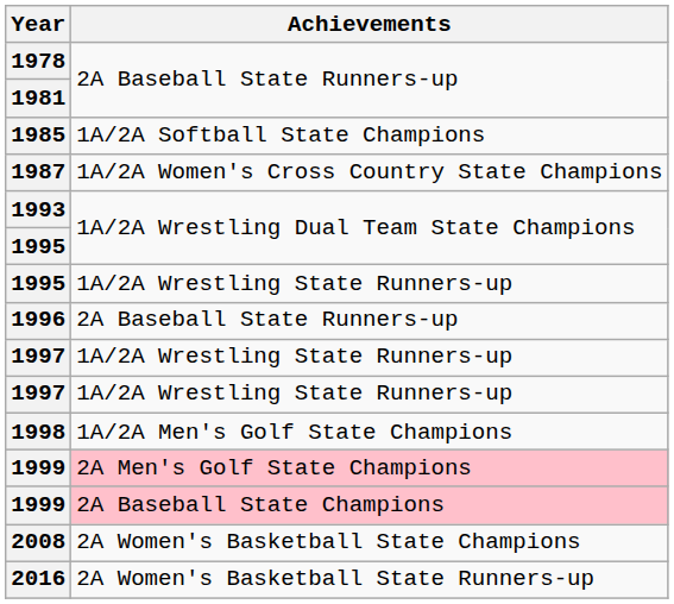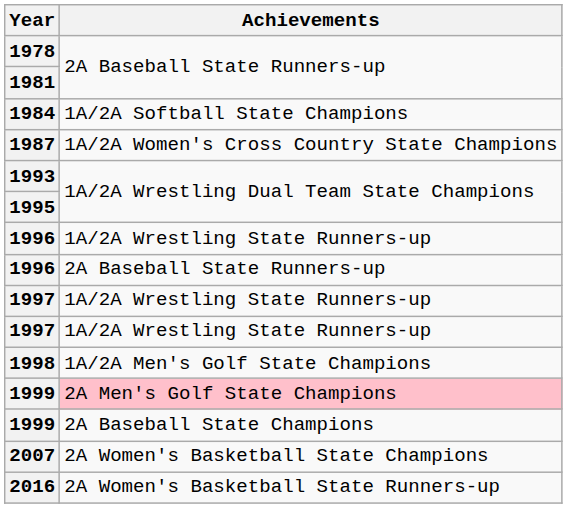 <table class=wikitable>
 <tr>
 <th>Year</th>
 <th>Achievements</th>
 </tr>
 <tr>
 <th>1978</th>
 <td rowspan="2">2A Baseball State Runners-up</td>
 </tr>
 <tr>
 <th>1981</th>
 </tr>
 <tr>
-<th><strong>1985</strong></th>
+<th><strong>1984</strong></th>
 <td>1A/2A Softball State Champions</td>
 </tr>
 <tr>
 <th><strong>1987</strong></th>
 <td>1A/2A Women's Cross Country State Champions</td>
 </tr>
 <tr>
 <th><strong>1993</strong></th>
 <td rowspan=2>1A/2A Wrestling Dual Team State Champions</td>
 </tr>
 <tr>
 <th><strong>1995</strong></th>
 </tr>
 <tr>
-<th>1995</th>
+<th>1996</th>
 <td>1A/2A Wrestling State Runners-up</td>
 </tr>
 <tr>
 <th>1996</th>
 <td>2A Baseball State Runners-up</td>
 </tr>
 <tr>
 <th>1997</th>
 <td>1A/2A Wrestling State Runners-up</td>
 </tr>
 <tr>
 <th><strong>1997</strong></th>
 <td>1A/2A Wrestling State Runners-up</td>
 </tr>
 <tr>
 <th>1998</th>
 <td>1A/2A Men's Golf State Champions</td>
 </tr>
 <tr>
 <th><strong>1999</strong></th>
 <td style="background: pink;">2A Men's Golf State Champions</td>
 </tr>
 <tr>
 <th><strong>1999</strong></th>
-<td style="background: pink;">2A Baseball State Champions</td>
+<td>2A Baseball State Champions</td>
 </tr>
 <tr>
-<th><strong>2008</strong></th>
+<th><strong>2007</strong></th>
 <td>2A Women's Basketball State Champions</td>
 </tr>
 <tr>
 <th>2016</th>
 <td>2A Women's Basketball State Runners-up</td>
 </tr>
 </table>
